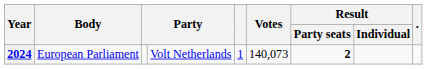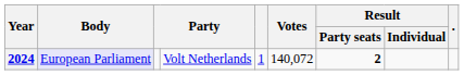 <table class="wikitable plainrowheaders sortable" border=2 cellpadding=4 cellspacing=0 style="border: 1px #aaa solid; font-size: 90%; text-align:center;">
 <tr>
 <th scope="col" rowspan=2>Year</th>
 <th scope="col" rowspan=2>Body</th>
 <th scope="col" colspan=2 rowspan=2>Party</th>
 <th scope="col" rowspan=2></th>
 <th scope="col" rowspan=2>Votes</th>
 <th scope="colgroup" colspan=2>Result</th>
 <th scope="col" rowspan=2>.</th>
 </tr>
 <tr>
 <th scope="col">Party seats</th>
 <th scope="col">Individual</th>
 </tr>
 <tr>
 <th scope="row"><a href='#'>2024</a></th>
-<td><a href='#'>European Parliament</a></td>
+<td style="background: lavender;"><a href='#'>European Parliament</a></td>
 <td style="background-color:"></td>
 <td><a href='#'>Volt Netherlands</a></td>
 <td style=text-align:right><a href='#'>1</a></td>
-<td style=text-align:right>140,073</td>
+<td style=text-align:right>140,072</td>
 <td style=text-align:right><strong>2</strong></td>
 <td></td>
 <td></td>
 </tr>
 </table>
